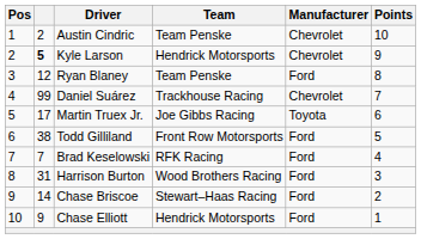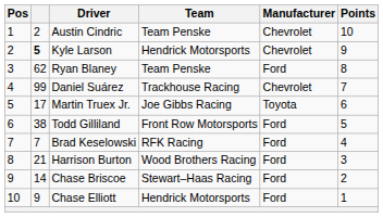 <table class="wikitable" style="font-size:98%">
 <tr>
 <th>Pos</th>
 <th></th>
 <th>Driver</th>
 <th>Team</th>
 <th>Manufacturer</th>
 <th>Points</th>
 </tr>
 <tr>
 <td>1</td>
 <td>2</td>
 <td>Austin Cindric</td>
 <td>Team Penske</td>
 <td>Chevrolet</td>
 <td>10</td>
 </tr>
 <tr>
 <td>2</td>
 <td><strong>5</strong></td>
 <td>Kyle Larson</td>
 <td>Hendrick Motorsports</td>
 <td>Chevrolet</td>
 <td>9</td>
 </tr>
 <tr>
 <td>3</td>
-<td>12</td>
+<td>62</td>
 <td>Ryan Blaney</td>
 <td>Team Penske</td>
 <td>Ford</td>
 <td>8</td>
 </tr>
 <tr>
 <td>4</td>
 <td>99</td>
 <td>Daniel Suárez</td>
 <td>Trackhouse Racing</td>
 <td>Chevrolet</td>
 <td>7</td>
 </tr>
 <tr>
 <td>5</td>
 <td>17</td>
 <td>Martin Truex Jr.</td>
 <td>Joe Gibbs Racing</td>
 <td>Toyota</td>
 <td>6</td>
 </tr>
 <tr>
 <td>6</td>
 <td>38</td>
 <td>Todd Gilliland</td>
 <td>Front Row Motorsports</td>
 <td>Ford</td>
 <td>5</td>
 </tr>
 <tr>
 <td>7</td>
 <td>7</td>
 <td>Brad Keselowski</td>
 <td>RFK Racing</td>
 <td>Ford</td>
 <td>4</td>
 </tr>
 <tr>
 <td>8</td>
-<td>31</td>
+<td>21</td>
 <td>Harrison Burton</td>
 <td>Wood Brothers Racing</td>
 <td>Ford</td>
 <td>3</td>
 </tr>
 <tr>
 <td>9</td>
 <td>14</td>
 <td>Chase Briscoe</td>
 <td>Stewart–Haas Racing</td>
 <td>Ford</td>
 <td>2</td>
 </tr>
 <tr>
 <td>10</td>
 <td>9</td>
 <td>Chase Elliott</td>
 <td>Hendrick Motorsports</td>
 <td>Ford</td>
 <td>1</td>
 </tr>
 <tr>
 <th colspan="6"></th>
 </tr>
 </table>
